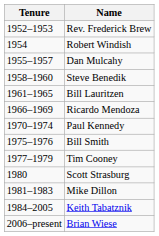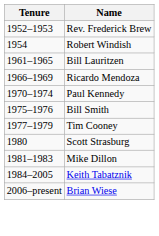 <table class="wikitable">
 <tr>
 <th width=px>Tenure</th>
 <th width=px>Name</th>
 </tr>
 <tr>
 <td>1952–1953</td>
 <td>Rev. Frederick Brew</td>
 </tr>
 <tr>
 <td>1954</td>
 <td>Robert Windish</td>
-</tr>
-<tr>
-<td>1955–1957</td>
-<td>Dan Mulcahy</td>
-</tr>
-<tr>
-<td>1958–1960</td>
-<td>Steve Benedik</td>
 </tr>
 <tr>
 <td>1961–1965</td>
 <td>Bill Lauritzen</td>
 </tr>
 <tr>
 <td>1966–1969</td>
 <td>Ricardo Mendoza</td>
 </tr>
 <tr>
 <td>1970–1974</td>
 <td>Paul Kennedy</td>
 </tr>
 <tr>
 <td>1975–1976</td>
 <td>Bill Smith</td>
 </tr>
 <tr>
 <td>1977–1979</td>
 <td>Tim Cooney</td>
 </tr>
 <tr>
 <td>1980</td>
 <td>Scott Strasburg</td>
 </tr>
 <tr>
 <td>1981–1983</td>
 <td>Mike Dillon</td>
 </tr>
 <tr>
 <td>1984–2005</td>
 <td><a href='#'>Keith Tabatznik</a></td>
 </tr>
 <tr>
 <td>2006–present</td>
 <td><a href='#'>Brian Wiese</a></td>
 </tr>
 </table>
